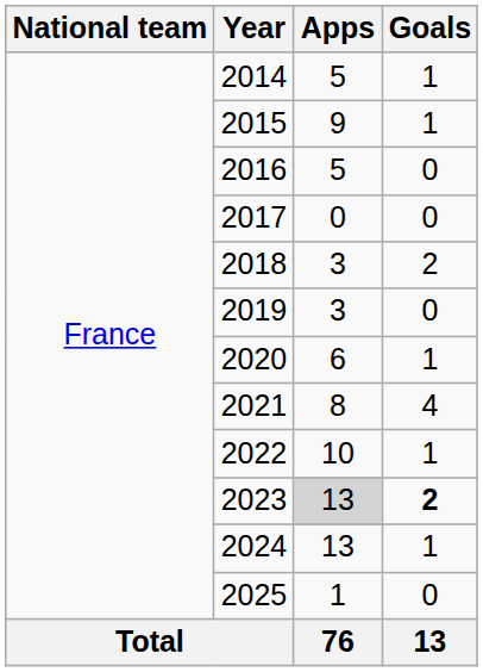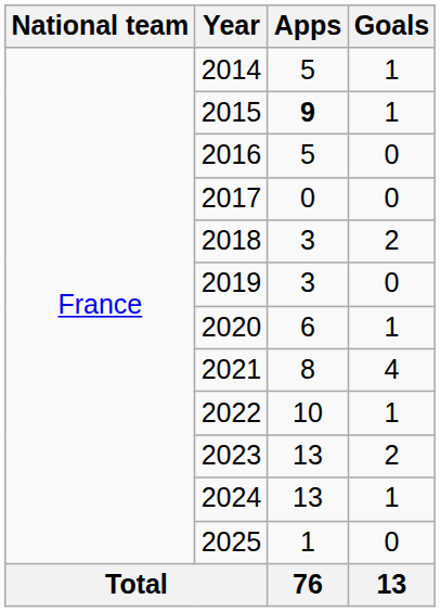 <table class="wikitable" style="text-align:center">
 <tr>
 <th>National team</th>
 <th>Year</th>
 <th>Apps</th>
 <th>Goals</th>
 </tr>
 <tr>
 <td rowspan="12"><a href='#'>France</a></td>
 <td>2014</td>
 <td>5</td>
 <td>1</td>
 </tr>
 <tr>
 <td>2015</td>
-<td>9</td>
+<td><strong>9</strong></td>
 <td>1</td>
 </tr>
 <tr>
 <td>2016</td>
 <td>5</td>
 <td>0</td>
 </tr>
 <tr>
 <td>2017</td>
 <td>0</td>
 <td>0</td>
 </tr>
 <tr>
 <td>2018</td>
 <td>3</td>
 <td>2</td>
 </tr>
 <tr>
 <td>2019</td>
 <td>3</td>
 <td>0</td>
 </tr>
 <tr>
 <td>2020</td>
 <td>6</td>
 <td>1</td>
 </tr>
 <tr>
 <td>2021</td>
 <td>8</td>
 <td>4</td>
 </tr>
 <tr>
 <td>2022</td>
 <td>10</td>
 <td>1</td>
 </tr>
 <tr>
 <td>2023</td>
-<td style="background: lightgrey;">13</td>
-<td><strong>2</strong></td>
+<td>13</td>
+<td>2</td>
 </tr>
 <tr>
 <td>2024</td>
 <td>13</td>
 <td>1</td>
 </tr>
 <tr>
 <td>2025</td>
 <td>1</td>
 <td>0</td>
 </tr>
 <tr>
 <th colspan="2">Total</th>
 <th>76</th>
 <th>13</th>
 </tr>
 </table>
